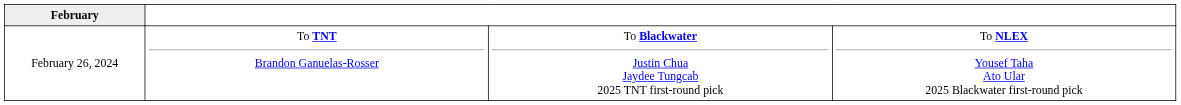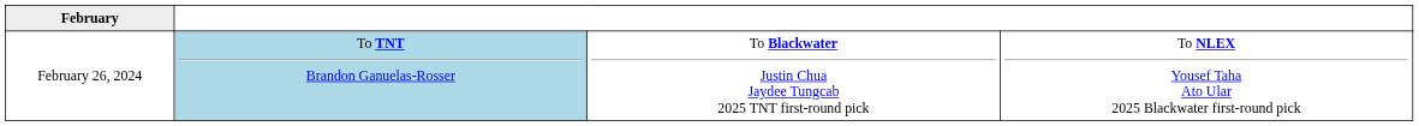 <table border=1 style="border-collapse:collapse; text-align: center; width: 100%" bordercolor="#000000"  cellpadding="5">
 <tr bgcolor="eeeeee">
 <th>February</th>
 </tr>
 <tr>
 <td style="width:12%" rowspan=2>February 26, 2024</td>
 </tr>
 <tr>
-<td style="width:29.3%" valign="top">To <strong><a href='#'>TNT</a></strong><hr><a href='#'>Brandon Ganuelas-Rosser</a></td>
+<td style="background: lightblue; width:29.3%" valign="top">To <strong><a href='#'>TNT</a></strong><hr><a href='#'>Brandon Ganuelas-Rosser</a></td>
 <td style="width:29.3%" valign="top">To <strong><a href='#'>Blackwater</a></strong><hr><a href='#'>Justin Chua</a><br><a href='#'>Jaydee Tungcab</a><br>2025 TNT first-round pick</td>
 <td style="width:29.3%" valign="top">To <strong><a href='#'>NLEX</a></strong><hr><a href='#'>Yousef Taha</a><br><a href='#'>Ato Ular</a><br>2025 Blackwater first-round pick</td>
 </tr>
 </table>
